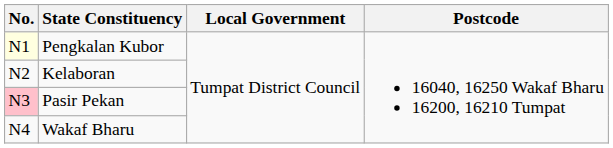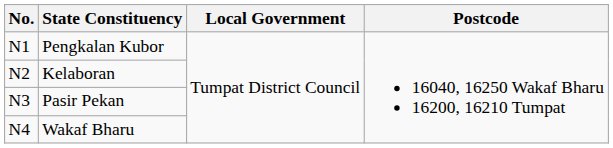 <table class="wikitable">
 <tr>
 <th>No.</th>
 <th>State Constituency</th>
 <th>Local Government</th>
 <th>Postcode</th>
 </tr>
 <tr>
-<td style="background: lightyellow;">N1</td>
+<td>N1</td>
 <td>Pengkalan Kubor</td>
 <td rowspan="4">Tumpat District Council</td>
 <td rowspan="4"><br><ul><li>16040, 16250 Wakaf Bharu</li><li>16200, 16210 Tumpat</li></ul></td>
 </tr>
 <tr>
 <td>N2</td>
 <td>Kelaboran</td>
 </tr>
 <tr>
-<td style="background: pink;">N3</td>
+<td>N3</td>
 <td>Pasir Pekan</td>
 </tr>
 <tr>
 <td>N4</td>
 <td>Wakaf Bharu</td>
 </tr>
 </table>
